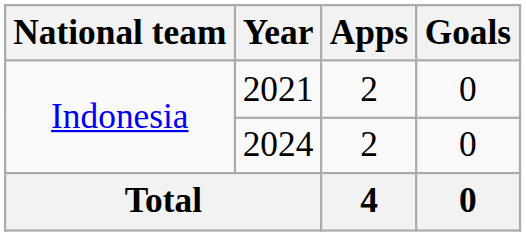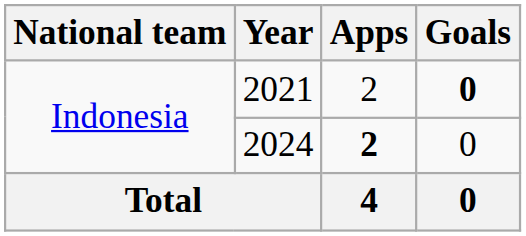 <table class=wikitable style=text-align:center>
 <tr>
 <th>National team</th>
 <th>Year</th>
 <th>Apps</th>
 <th>Goals</th>
 </tr>
 <tr>
 <td rowspan=2><a href='#'>Indonesia</a></td>
 <td>2021</td>
 <td>2</td>
-<td>0</td>
+<td><strong>0</strong></td>
 </tr>
 <tr>
 <td>2024</td>
-<td>2</td>
+<td><strong>2</strong></td>
 <td>0</td>
 </tr>
 <tr>
 <th colspan=2>Total</th>
 <th>4</th>
 <th>0</th>
 </tr>
 </table>
